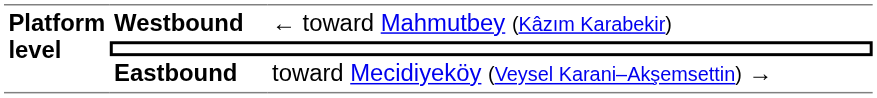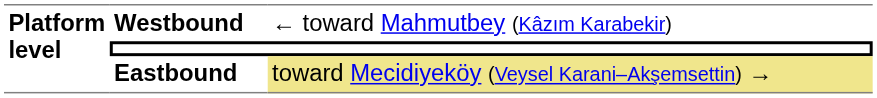 <table cellpadding="3" cellspacing="0" border="0">
 <tr>
 <td rowspan="3" width="50" style="border-top-color: gray; border-bottom-color: gray; border-top-width: 1px; border-bottom-width: 1px; border-top-style: solid; border-bottom-style: solid;" valign="top"><strong>Platform level</strong></td>
 <td width="100" style="border-top-color: gray; border-top-width: 1px; border-top-style: solid;"><strong>Westbound</strong></td>
 <td width="400" style="border-top-color: gray; border-top-width: 1px; border-top-style: solid;">←  toward <a href='#'>Mahmutbey</a> <small>(<a href='#'>Kâzım Karabekir</a>)</small></td>
 </tr>
 <tr>
 <td colspan="2" style="border: 2px solid black; border-image: none; text-align: center;"></td>
 </tr>
 <tr>
 <td style="border-bottom-color: gray; border-bottom-width: 1px; border-bottom-style: solid;"><strong>Eastbound</strong></td>
-<td style="border-bottom-color: gray; border-bottom-width: 1px; border-bottom-style: solid;"> toward <a href='#'>Mecidiyeköy</a> <small>(<a href='#'>Veysel Karani–Akşemsettin</a>)</small> →</td>
+<td style="background: khaki; border-bottom-color: gray; border-bottom-width: 1px; border-bottom-style: solid;"> toward <a href='#'>Mecidiyeköy</a> <small>(<a href='#'>Veysel Karani–Akşemsettin</a>)</small> →</td>
 </tr>
 </table>
